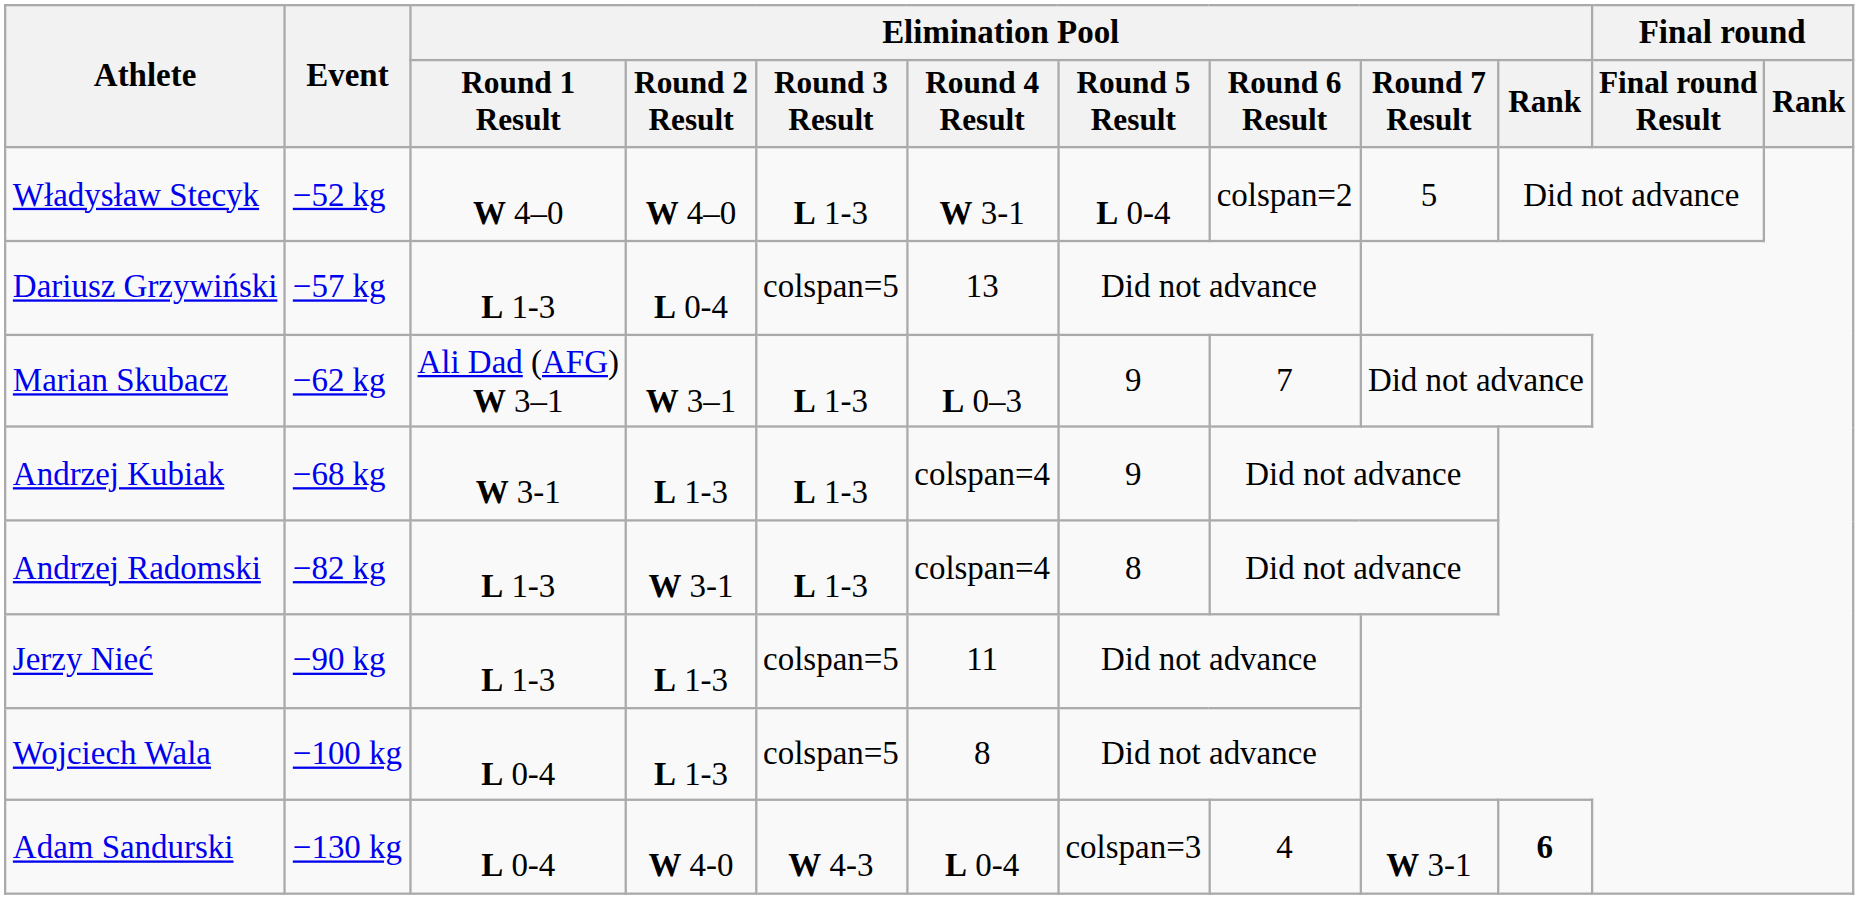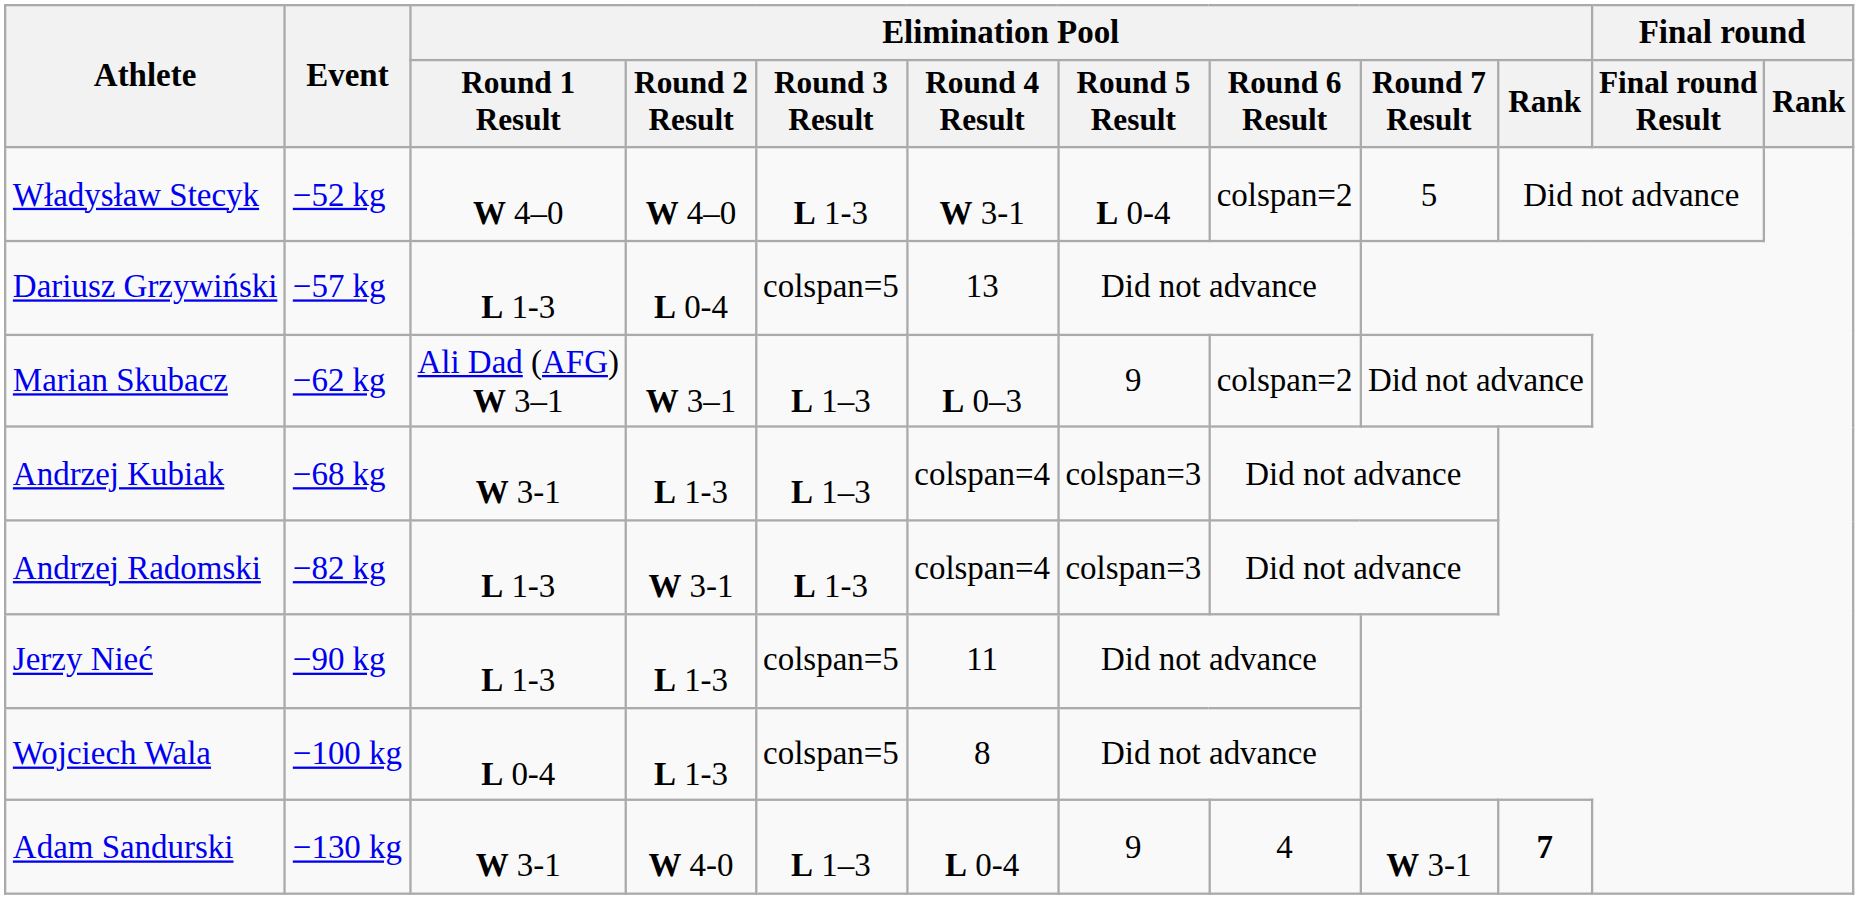 <table class="wikitable" style="font-size:90%">
 <tr>
 <th rowspan="2">Athlete</th>
 <th rowspan="2">Event</th>
 <th colspan=8>Elimination Pool</th>
 <th colspan=2>Final round</th>
 </tr>
 <tr style="font-size: 95%">
 <th>Round 1<br>Result</th>
 <th>Round 2<br>Result</th>
 <th>Round 3<br>Result</th>
 <th>Round 4<br>Result</th>
 <th>Round 5<br>Result</th>
 <th>Round 6<br>Result</th>
 <th>Round 7<br>Result</th>
 <th>Rank</th>
 <th>Final round<br>Result</th>
 <th>Rank</th>
 </tr>
 <tr align=center>
 <td align=left><a href='#'>Władysław Stecyk</a></td>
 <td align=left><a href='#'>−52 kg</a></td>
 <td><br><strong>W</strong> 4–0</td>
 <td><br><strong>W</strong> 4–0</td>
 <td><br><strong>L</strong> 1-3</td>
 <td><br><strong>W</strong> 3-1</td>
 <td><br><strong>L</strong> 0-4</td>
 <td>colspan=2 </td>
 <td>5</td>
 <td colspan=2>Did not advance</td>
 </tr>
 <tr align=center>
 <td align=left><a href='#'>Dariusz Grzywiński</a></td>
 <td align=left><a href='#'>−57 kg</a></td>
 <td><br><strong>L</strong> 1-3</td>
 <td><br><strong>L</strong> 0-4</td>
 <td>colspan=5 </td>
 <td>13</td>
 <td colspan=2>Did not advance</td>
 </tr>
 <tr align=center>
 <td align=left><a href='#'>Marian Skubacz</a></td>
 <td align=left><a href='#'>−62 kg</a></td>
 <td><a href='#'>Ali Dad</a> (<a href='#'>AFG</a>)<br><strong>W</strong> 3–1</td>
 <td><br><strong>W</strong> 3–1</td>
-<td><br><strong>L</strong> 1-3</td>
+<td><br><strong>L</strong> 1–3</td>
 <td><br><strong>L</strong> 0–3</td>
 <td>9</td>
-<td>7</td>
+<td>colspan=2 </td>
 <td colspan=2>Did not advance</td>
 </tr>
 <tr align=center>
 <td align=left><a href='#'>Andrzej Kubiak</a></td>
 <td align=left><a href='#'>−68 kg</a></td>
 <td><br><strong>W</strong> 3-1</td>
 <td><br><strong>L</strong> 1-3</td>
-<td><br><strong>L</strong> 1-3</td>
+<td><br><strong>L</strong> 1–3</td>
 <td>colspan=4 </td>
-<td>9</td>
+<td>colspan=3 </td>
 <td colspan=2>Did not advance</td>
 </tr>
 <tr align=center>
 <td align=left><a href='#'>Andrzej Radomski</a></td>
 <td align=left><a href='#'>−82 kg</a></td>
 <td><br><strong>L</strong> 1-3</td>
 <td><br><strong>W</strong> 3-1</td>
 <td><br><strong>L</strong> 1-3</td>
 <td>colspan=4 </td>
-<td>8</td>
+<td>colspan=3 </td>
 <td colspan=2>Did not advance</td>
 </tr>
 <tr align=center>
 <td align=left><a href='#'>Jerzy Nieć</a></td>
 <td align=left><a href='#'>−90 kg</a></td>
 <td><br><strong>L</strong> 1-3</td>
 <td><br><strong>L</strong> 1-3</td>
 <td>colspan=5 </td>
 <td>11</td>
 <td colspan=2>Did not advance</td>
 </tr>
 <tr align=center>
 <td align=left><a href='#'>Wojciech Wala</a></td>
 <td align=left><a href='#'>−100 kg</a></td>
 <td><br><strong>L</strong> 0-4</td>
 <td><br><strong>L</strong> 1-3</td>
 <td>colspan=5 </td>
 <td>8</td>
 <td colspan=2>Did not advance</td>
 </tr>
 <tr align=center>
 <td align=left><a href='#'>Adam Sandurski</a></td>
 <td align=left><a href='#'>−130 kg</a></td>
+<td><br><strong>W</strong> 3-1</td>
+<td><br><strong>W</strong> 4-0</td>
+<td><br><strong>L</strong> 1–3</td>
 <td><br><strong>L</strong> 0-4</td>
-<td><br><strong>W</strong> 4-0</td>
-<td><br><strong>W</strong> 4-3</td>
-<td><br><strong>L</strong> 0-4</td>
-<td>colspan=3 </td>
+<td>9</td>
 <td>4</td>
 <td><br><strong>W</strong> 3-1</td>
-<td><strong>6</strong></td>
+<td><strong>7</strong></td>
 </tr>
 </table>
